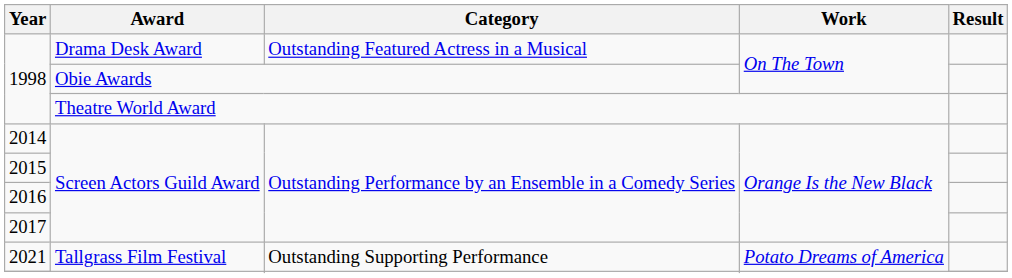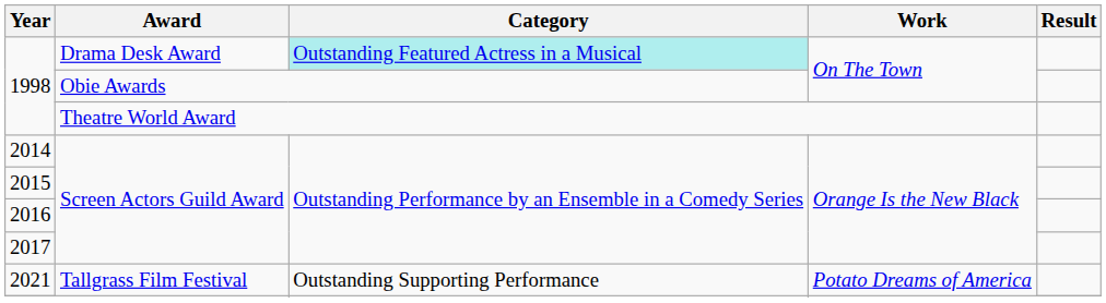 <table class="wikitable">
 <tr>
 <th>Year</th>
 <th>Award</th>
 <th>Category</th>
 <th>Work</th>
 <th>Result</th>
 </tr>
 <tr>
 <td rowspan="3">1998</td>
 <td><a href='#'>Drama Desk Award</a></td>
-<td><a href='#'>Outstanding Featured Actress in a Musical</a></td>
+<td style="background: paleturquoise;"><a href='#'>Outstanding Featured Actress in a Musical</a></td>
 <td rowspan="2"><em><a href='#'>On The Town</a></em></td>
 <td></td>
 </tr>
 <tr>
 <td colspan="2"><a href='#'>Obie Awards</a></td>
 <td></td>
 </tr>
 <tr>
 <td colspan="3"><a href='#'>Theatre World Award</a></td>
 <td></td>
 </tr>
 <tr>
 <td>2014</td>
 <td rowspan="4"><a href='#'>Screen Actors Guild Award</a></td>
 <td rowspan="4"><a href='#'>Outstanding Performance by an Ensemble in a Comedy Series</a></td>
 <td rowspan="4"><em><a href='#'>Orange Is the New Black</a></em></td>
 <td></td>
 </tr>
 <tr>
 <td>2015</td>
 <td></td>
 </tr>
 <tr>
 <td>2016</td>
 <td></td>
 </tr>
 <tr>
 <td>2017</td>
 <td></td>
 </tr>
 <tr>
 <td>2021</td>
 <td rowspan="4"><a href='#'>Tallgrass Film Festival</a></td>
 <td rowspan="4">Outstanding Supporting Performance</td>
 <td rowspan="4"><em><a href='#'>Potato Dreams of America</a></em></td>
 <td></td>
 </tr>
 <tr>
 </tr>
 </table>
